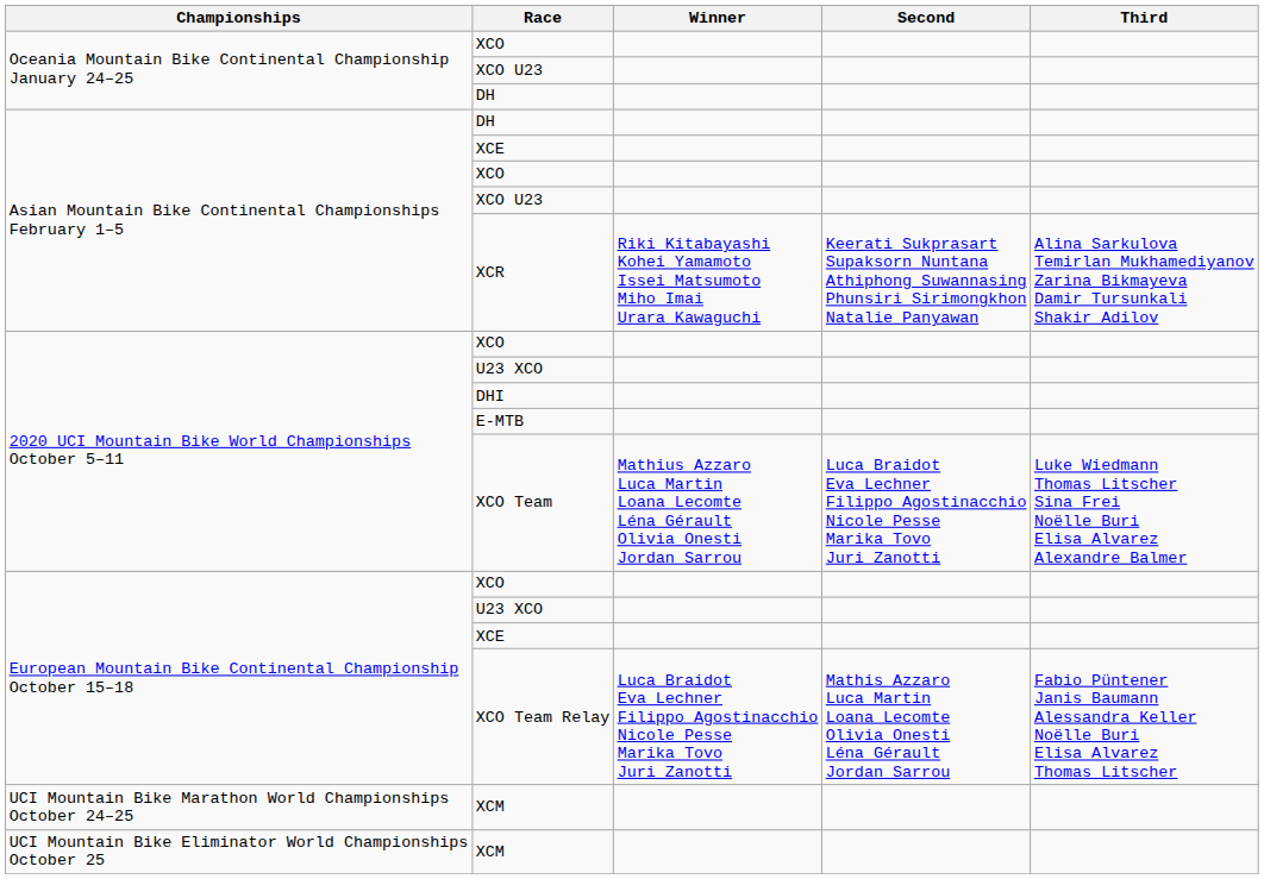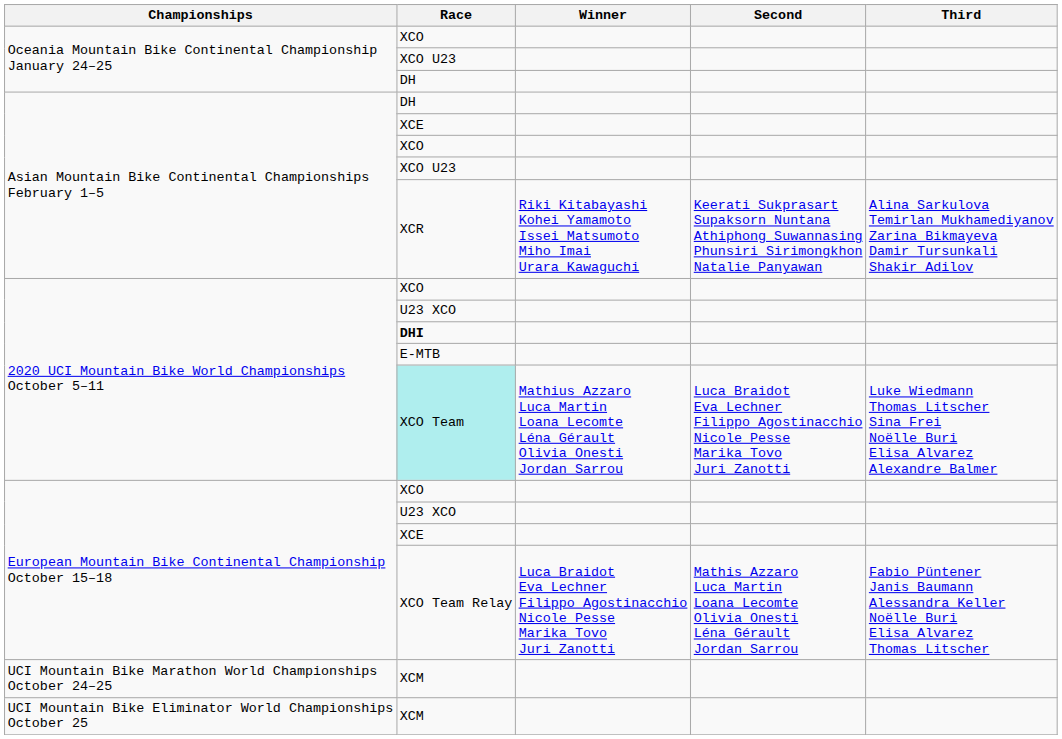 <table class="wikitable sortable">
 <tr>
 <th>Championships</th>
 <th>Race</th>
 <th>Winner</th>
 <th>Second</th>
 <th>Third</th>
 </tr>
 <tr>
 <td rowspan=3>Oceania Mountain Bike Continental Championship<br> January 24–25</td>
 <td>XCO</td>
 <td><br></td>
 <td><br></td>
 <td><br></td>
 </tr>
 <tr>
 <td>XCO U23</td>
 <td><br></td>
 <td><br></td>
 <td><br></td>
 </tr>
 <tr>
 <td>DH</td>
 <td><br></td>
 <td><br></td>
 <td><br></td>
 </tr>
 <tr>
 <td rowspan=5>Asian Mountain Bike Continental Championships<br> February 1–5</td>
 <td>DH</td>
 <td><br></td>
 <td><br></td>
 <td><br></td>
 </tr>
 <tr>
 <td>XCE</td>
 <td><br></td>
 <td><br></td>
 <td><br></td>
 </tr>
 <tr>
 <td>XCO</td>
 <td><br></td>
 <td><br></td>
 <td><br></td>
 </tr>
 <tr>
 <td>XCO U23</td>
 <td><br></td>
 <td><br></td>
 <td><br></td>
 </tr>
 <tr>
 <td>XCR</td>
 <td><br><a href='#'>Riki Kitabayashi</a><br><a href='#'>Kohei Yamamoto</a><br><a href='#'>Issei Matsumoto</a><br><a href='#'>Miho Imai</a><br><a href='#'>Urara Kawaguchi</a></td>
 <td><br><a href='#'>Keerati Sukprasart</a><br><a href='#'>Supaksorn Nuntana</a><br><a href='#'>Athiphong Suwannasing</a><br><a href='#'>Phunsiri Sirimongkhon</a><br><a href='#'>Natalie Panyawan</a></td>
 <td><br><a href='#'>Alina Sarkulova</a><br><a href='#'>Temirlan Mukhamediyanov</a><br><a href='#'>Zarina Bikmayeva</a><br><a href='#'>Damir Tursunkali</a><br><a href='#'>Shakir Adilov</a></td>
 </tr>
 <tr>
 <td rowspan=5><a href='#'>2020 UCI Mountain Bike World Championships</a><br> October 5–11</td>
 <td>XCO</td>
 <td><br></td>
 <td><br></td>
 <td><br></td>
 </tr>
 <tr>
 <td>U23 XCO</td>
 <td><br></td>
 <td><br></td>
 <td><br></td>
 </tr>
 <tr>
-<td>DHI</td>
+<td><strong>DHI</strong></td>
 <td><br></td>
 <td><br></td>
 <td><br></td>
 </tr>
 <tr>
 <td>E-MTB</td>
 <td><br></td>
 <td><br></td>
 <td><br></td>
 </tr>
 <tr>
-<td>XCO Team</td>
+<td style="background: paleturquoise;">XCO Team</td>
 <td><br><a href='#'>Mathius Azzaro</a><br><a href='#'>Luca Martin</a><br><a href='#'>Loana Lecomte</a><br><a href='#'>Léna Gérault</a><br><a href='#'>Olivia Onesti</a><br><a href='#'>Jordan Sarrou</a></td>
 <td><br><a href='#'>Luca Braidot</a><br><a href='#'>Eva Lechner</a><br><a href='#'>Filippo Agostinacchio</a><br><a href='#'>Nicole Pesse</a><br><a href='#'>Marika Tovo</a><br><a href='#'>Juri Zanotti</a></td>
 <td><br><a href='#'>Luke Wiedmann</a><br><a href='#'>Thomas Litscher</a><br><a href='#'>Sina Frei</a><br><a href='#'>Noëlle Buri</a><br><a href='#'>Elisa Alvarez</a><br><a href='#'>Alexandre Balmer</a></td>
 </tr>
 <tr>
 <td rowspan=4><a href='#'>European Mountain Bike Continental Championship</a><br> October 15–18</td>
 <td>XCO</td>
 <td><br></td>
 <td><br></td>
 <td><br></td>
 </tr>
 <tr>
 <td>U23 XCO</td>
 <td><br></td>
 <td><br></td>
 <td><br></td>
 </tr>
 <tr>
 <td>XCE</td>
 <td><br></td>
 <td><br></td>
 <td><br></td>
 </tr>
 <tr>
 <td>XCO Team Relay</td>
 <td><br><a href='#'>Luca Braidot</a><br><a href='#'>Eva Lechner</a><br><a href='#'>Filippo Agostinacchio</a><br><a href='#'>Nicole Pesse</a><br><a href='#'>Marika Tovo</a><br><a href='#'>Juri Zanotti</a></td>
 <td><br><a href='#'>Mathis Azzaro</a><br><a href='#'>Luca Martin</a><br><a href='#'>Loana Lecomte</a><br><a href='#'>Olivia Onesti</a><br><a href='#'>Léna Gérault</a><br><a href='#'>Jordan Sarrou</a></td>
 <td><br><a href='#'>Fabio Püntener</a><br><a href='#'>Janis Baumann</a><br><a href='#'>Alessandra Keller</a><br><a href='#'>Noëlle Buri</a><br><a href='#'>Elisa Alvarez</a><br><a href='#'>Thomas Litscher</a></td>
 </tr>
 <tr>
 <td rowspan=1>UCI Mountain Bike Marathon World Championships<br> October 24–25</td>
 <td>XCM</td>
 <td><br></td>
 <td><br></td>
 <td><br></td>
 </tr>
 <tr>
 <td rowspan=1>UCI Mountain Bike Eliminator World Championships<br> October 25</td>
 <td>XCM</td>
 <td><br></td>
 <td><br></td>
 <td><br></td>
 </tr>
 </table>
